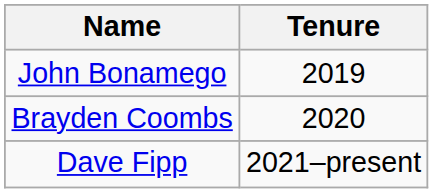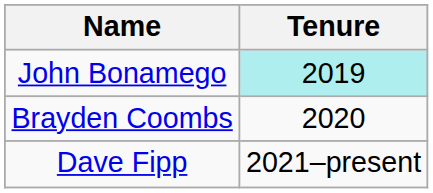 <table class="wikitable" style="text-align:center">
 <tr>
 <th>Name</th>
 <th>Tenure</th>
 </tr>
 <tr>
 <td><a href='#'>John Bonamego</a></td>
-<td>2019</td>
+<td style="background: paleturquoise;">2019</td>
 </tr>
 <tr>
 <td><a href='#'>Brayden Coombs</a></td>
 <td>2020</td>
 </tr>
 <tr>
 <td><a href='#'>Dave Fipp</a></td>
 <td>2021–present</td>
 </tr>
 </table>
